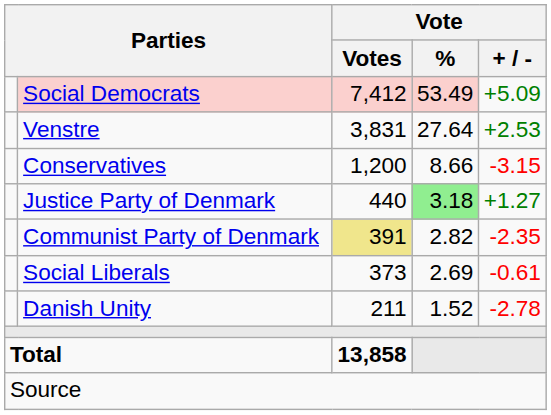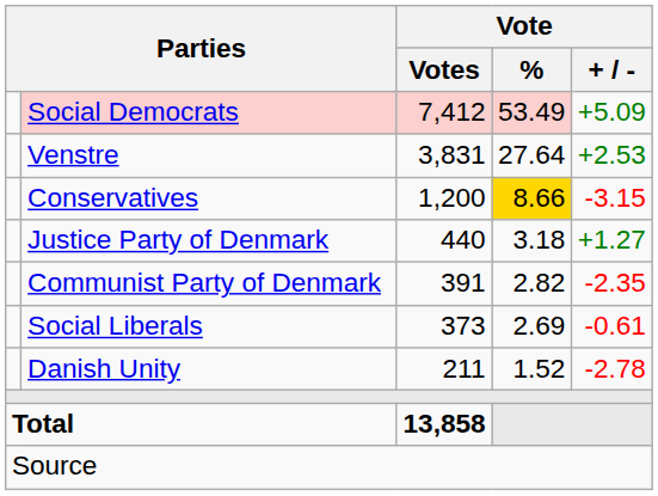 <table class="wikitable" style="text-align:right;">
 <tr>
 <th style="text-align:centre;" rowspan="2" colspan="2" width="225">Parties</th>
 <th colspan="3">Vote</th>
 </tr>
 <tr>
 <th width="15">Votes</th>
 <th width="15">%</th>
 <th width="15">+ / -</th>
 </tr>
 <tr>
 <td width="2" style="color:inherit;background:"></td>
 <td bgcolor=#fbd0ce  align="left"><a href='#'>Social Democrats</a></td>
 <td bgcolor=#fbd0ce>7,412</td>
 <td bgcolor=#fbd0ce>53.49</td>
 <td style=color:green;>+5.09</td>
 </tr>
 <tr>
 <td width="2" style="color:inherit;background:"></td>
 <td align="left"><a href='#'>Venstre</a></td>
 <td>3,831</td>
 <td>27.64</td>
 <td style=color:green;>+2.53</td>
 </tr>
 <tr>
 <td width="2" style="color:inherit;background:"></td>
 <td align="left"><a href='#'>Conservatives</a></td>
 <td>1,200</td>
-<td>8.66</td>
+<td style="background: gold;">8.66</td>
 <td style=color:red;>-3.15</td>
 </tr>
 <tr>
 <td width="2" style="color:inherit;background:"></td>
 <td align="left"><a href='#'>Justice Party of Denmark</a></td>
 <td>440</td>
-<td style="background: lightgreen;">3.18</td>
+<td>3.18</td>
 <td style=color:green;>+1.27</td>
 </tr>
 <tr>
 <td width="2" style="color:inherit;background:"></td>
 <td align="left"><a href='#'>Communist Party of Denmark</a></td>
-<td style="background: khaki;">391</td>
+<td>391</td>
 <td>2.82</td>
 <td style=color:red;>-2.35</td>
 </tr>
 <tr>
 <td width="2" style="color:inherit;background:"></td>
 <td align="left"><a href='#'>Social Liberals</a></td>
 <td>373</td>
 <td>2.69</td>
 <td style=color:red;>-0.61</td>
 </tr>
 <tr>
 <td width="2" style="color:inherit;background:"></td>
 <td align="left"><a href='#'>Danish Unity</a></td>
 <td>211</td>
 <td>1.52</td>
 <td style=color:red;>-2.78</td>
 </tr>
 <tr>
 <td colspan="7" bgcolor="#E9E9E9"></td>
 </tr>
 <tr>
 <td align="left" colspan="2"><strong>Total</strong></td>
 <td><strong>13,858</strong></td>
 <td bgcolor="#E9E9E9" colspan="2"></td>
 </tr>
 <tr>
 <td align="left" colspan="6">Source</td>
 </tr>
 </table>
